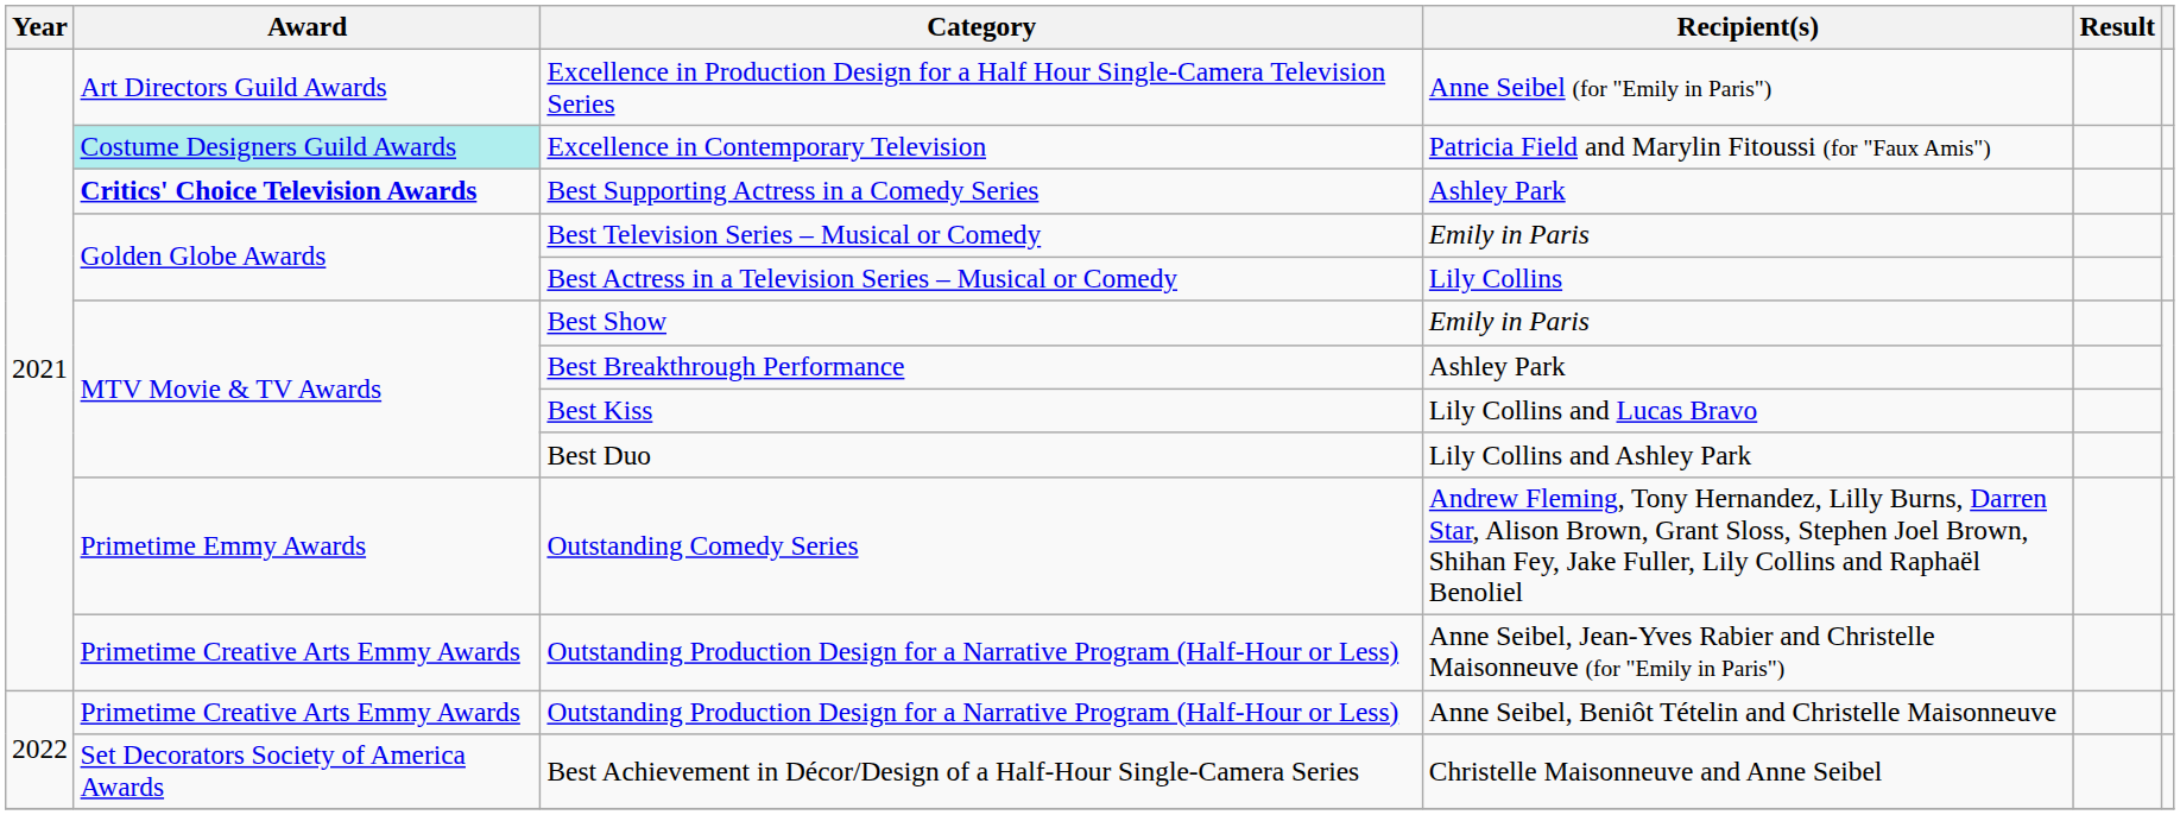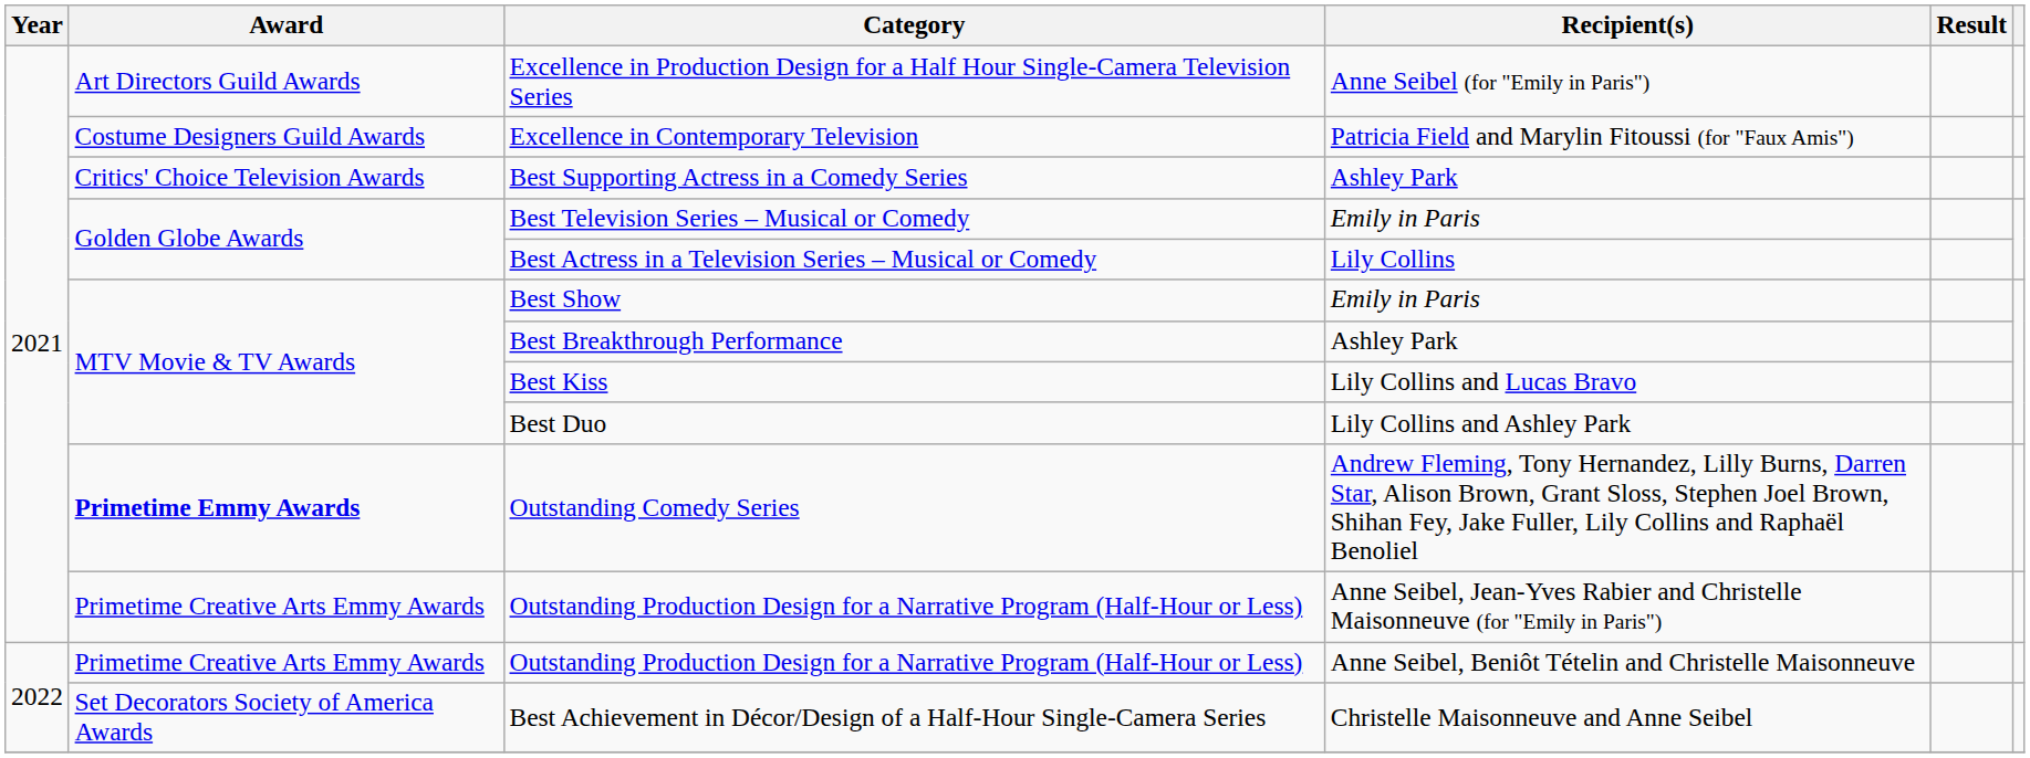 <table class="wikitable sortable plainrowheaders" style="width: 99%;">
 <tr>
 <th scope="col">Year</th>
 <th scope="col">Award</th>
 <th scope="col">Category</th>
 <th scope="col" style="width:30%;">Recipient(s)</th>
 <th scope="col">Result</th>
 <th scope="col" class="unsortable"></th>
 </tr>
 <tr>
 <td rowspan="11" style="text-align:center;">2021</td>
 <td><a href='#'>Art Directors Guild Awards</a></td>
 <td><a href='#'>Excellence in Production Design for a Half Hour Single-Camera Television Series</a></td>
 <td><a href='#'>Anne Seibel</a> <small>(for "Emily in Paris")</small></td>
 <td></td>
 <td style="text-align:center;"></td>
 </tr>
 <tr>
-<td style="background: paleturquoise;"><a href='#'>Costume Designers Guild Awards</a></td>
+<td><a href='#'>Costume Designers Guild Awards</a></td>
 <td><a href='#'>Excellence in Contemporary Television</a></td>
 <td><a href='#'>Patricia Field</a> and Marylin Fitoussi <small>(for "Faux Amis")</small></td>
 <td></td>
 <td style="text-align:center;"></td>
 </tr>
 <tr>
-<td><strong><a href='#'>Critics' Choice Television Awards</a></strong></td>
+<td><a href='#'>Critics' Choice Television Awards</a></td>
 <td><a href='#'>Best Supporting Actress in a Comedy Series</a></td>
 <td><a href='#'>Ashley Park</a></td>
 <td></td>
 <td style="text-align:center;"></td>
 </tr>
 <tr>
 <td rowspan="2"><a href='#'>Golden Globe Awards</a></td>
 <td><a href='#'>Best Television Series – Musical or Comedy</a></td>
 <td><em>Emily in Paris</em></td>
 <td></td>
 <td style="text-align:center;" rowspan="2"></td>
 </tr>
 <tr>
 <td><a href='#'>Best Actress in a Television Series – Musical or Comedy</a></td>
 <td><a href='#'>Lily Collins</a></td>
 <td></td>
 </tr>
 <tr>
 <td rowspan="4"><a href='#'>MTV Movie & TV Awards</a></td>
 <td><a href='#'>Best Show</a></td>
 <td><em>Emily in Paris</em></td>
 <td></td>
 <td style="text-align:center;" rowspan="4"></td>
 </tr>
 <tr>
 <td><a href='#'>Best Breakthrough Performance</a></td>
 <td>Ashley Park</td>
 <td></td>
 </tr>
 <tr>
 <td><a href='#'>Best Kiss</a></td>
 <td>Lily Collins and <a href='#'>Lucas Bravo</a></td>
 <td></td>
 </tr>
 <tr>
 <td>Best Duo</td>
 <td>Lily Collins and Ashley Park</td>
 <td></td>
 </tr>
 <tr>
-<td><a href='#'>Primetime Emmy Awards</a></td>
+<td><strong><a href='#'>Primetime Emmy Awards</a></strong></td>
 <td><a href='#'>Outstanding Comedy Series</a></td>
 <td><a href='#'>Andrew Fleming</a>, Tony Hernandez, Lilly Burns, <a href='#'>Darren Star</a>, Alison Brown, Grant Sloss, Stephen Joel Brown, Shihan Fey, Jake Fuller, Lily Collins and Raphaël Benoliel</td>
 <td></td>
 <td style="text-align:center;"></td>
 </tr>
 <tr>
 <td><a href='#'>Primetime Creative Arts Emmy Awards</a></td>
 <td><a href='#'>Outstanding Production Design for a Narrative Program (Half-Hour or Less)</a></td>
 <td>Anne Seibel, Jean-Yves Rabier and Christelle Maisonneuve <small>(for "Emily in Paris")</small></td>
 <td></td>
 <td style="text-align:center;"></td>
 </tr>
 <tr>
 <td rowspan="2" style="text-align:center;">2022</td>
 <td><a href='#'>Primetime Creative Arts Emmy Awards</a></td>
 <td><a href='#'>Outstanding Production Design for a Narrative Program (Half-Hour or Less)</a></td>
 <td>Anne Seibel, Beniôt Tételin and Christelle Maisonneuve </td>
 <td></td>
 <td align="center"></td>
 </tr>
 <tr>
 <td><a href='#'>Set Decorators Society of America Awards</a></td>
 <td>Best Achievement in Décor/Design of a Half-Hour Single-Camera Series</td>
 <td>Christelle Maisonneuve and Anne Seibel</td>
 <td></td>
 <td style="text-align:center;"></td>
 </tr>
 <tr>
 </tr>
 </table>
